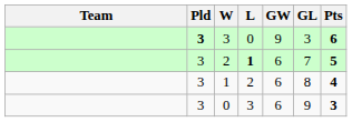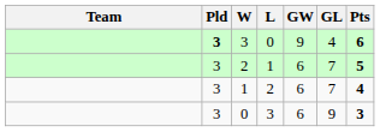 <table class="wikitable" style="text-align:center">
 <tr>
 <th width=200>Team</th>
 <th width=20>Pld</th>
 <th width=20>W</th>
 <th width=20>L</th>
 <th width=20>GW</th>
 <th width=20>GL</th>
 <th width=20>Pts</th>
 </tr>
 <tr bgcolor=ccffcc>
 <td style="text-align:left;"></td>
 <td><strong>3</strong></td>
 <td>3</td>
 <td>0</td>
 <td>9</td>
-<td>3</td>
+<td>4</td>
 <td><strong>6</strong></td>
 </tr>
 <tr bgcolor=ccffcc>
 <td style="text-align:left;"></td>
 <td>3</td>
 <td>2</td>
-<td><strong>1</strong></td>
+<td>1</td>
 <td>6</td>
 <td>7</td>
 <td><strong>5</strong></td>
 </tr>
 <tr>
 <td style="text-align:left;"></td>
 <td>3</td>
 <td>1</td>
 <td>2</td>
 <td>6</td>
-<td>8</td>
+<td>7</td>
 <td><strong>4</strong></td>
 </tr>
 <tr>
 <td style="text-align:left;"></td>
 <td>3</td>
 <td>0</td>
 <td>3</td>
 <td>6</td>
 <td>9</td>
 <td><strong>3</strong></td>
 </tr>
 </table>
